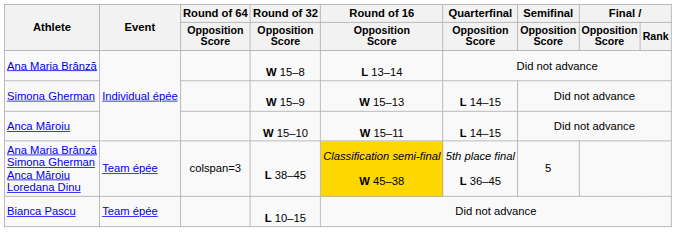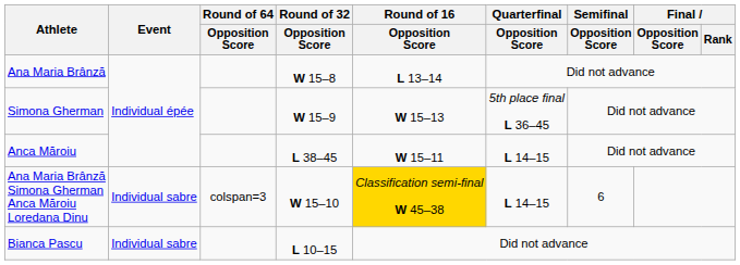 <table class="wikitable" style="font-size:90%">
 <tr>
 <th rowspan=2>Athlete</th>
 <th rowspan=2>Event</th>
 <th>Round of 64</th>
 <th>Round of 32</th>
 <th>Round of 16</th>
 <th>Quarterfinal</th>
 <th>Semifinal</th>
 <th colspan=2>Final / </th>
 </tr>
 <tr style="font-size:95%">
 <th>Opposition <br> Score</th>
 <th>Opposition <br> Score</th>
 <th>Opposition <br> Score</th>
 <th>Opposition <br> Score</th>
 <th>Opposition <br> Score</th>
 <th>Opposition <br> Score</th>
 <th>Rank</th>
 </tr>
 <tr align=center>
 <td align=left><a href='#'>Ana Maria Brânză</a></td>
 <td align=left rowspan=3><a href='#'>Individual épée</a></td>
 <td></td>
 <td><br><strong>W</strong> 15–8</td>
 <td><br><strong>L</strong> 13–14</td>
 <td colspan=4>Did not advance</td>
 </tr>
 <tr align=center>
 <td align=left><a href='#'>Simona Gherman</a></td>
 <td></td>
 <td><br><strong>W</strong> 15–9</td>
 <td><br><strong>W</strong> 15–13</td>
-<td><br><strong>L</strong> 14–15</td>
+<td><em>5th place final</em><br><br><strong>L</strong> 36–45</td>
 <td colspan=3>Did not advance</td>
 </tr>
 <tr align=center>
 <td align=left><a href='#'>Anca Măroiu</a></td>
 <td></td>
-<td><br><strong>W</strong> 15–10</td>
+<td><br><strong>L</strong> 38–45</td>
 <td><br><strong>W</strong> 15–11</td>
 <td><br><strong>L</strong> 14–15</td>
 <td colspan=3>Did not advance</td>
 </tr>
 <tr align=center>
 <td align=left><a href='#'>Ana Maria Brânză</a><br><a href='#'>Simona Gherman</a><br><a href='#'>Anca Măroiu</a><br><a href='#'>Loredana Dinu</a></td>
-<td align=left><a href='#'>Team épée</a></td>
+<td align=left><a href='#'>Individual sabre</a></td>
 <td>colspan=3 </td>
-<td><br><strong>L</strong> 38–45</td>
+<td><br><strong>W</strong> 15–10</td>
 <td style="background: gold;"><em>Classification semi-final</em><br><br><strong>W</strong> 45–38</td>
-<td><em>5th place final</em><br><br><strong>L</strong> 36–45</td>
-<td>5</td>
+<td><br><strong>L</strong> 14–15</td>
+<td>6</td>
 </tr>
 <tr align=center>
 <td align=left><a href='#'>Bianca Pascu</a></td>
-<td align=left><a href='#'>Team épée</a></td>
+<td align=left><a href='#'>Individual sabre</a></td>
 <td></td>
 <td><br><strong>L</strong> 10–15</td>
 <td colspan=5>Did not advance</td>
 </tr>
 </table>
